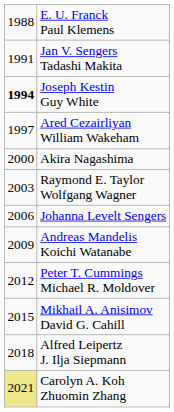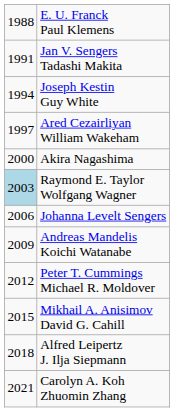 <table class="wikitable">
 <tr>
 <td>1988</td>
 <td><a href='#'>E. U. Franck</a><br>Paul Klemens</td>
 </tr>
 <tr>
 <td>1991</td>
 <td><a href='#'>Jan V. Sengers</a><br>Tadashi Makita</td>
 </tr>
 <tr>
-<td><strong>1994</strong></td>
+<td>1994</td>
 <td><a href='#'>Joseph Kestin</a><br>Guy White</td>
 </tr>
 <tr>
 <td>1997</td>
 <td><a href='#'>Ared Cezairliyan</a><br>William Wakeham</td>
 </tr>
 <tr>
 <td>2000</td>
 <td>Akira Nagashima</td>
 </tr>
 <tr>
-<td>2003</td>
+<td style="background: lightblue;">2003</td>
 <td>Raymond E. Taylor<br>Wolfgang Wagner</td>
 </tr>
 <tr>
 <td>2006</td>
 <td><a href='#'>Johanna Levelt Sengers</a></td>
 </tr>
 <tr>
 <td>2009</td>
 <td><a href='#'>Andreas Mandelis</a><br>Koichi Watanabe</td>
 </tr>
 <tr>
 <td>2012</td>
 <td><a href='#'>Peter T. Cummings</a><br>Michael R. Moldover</td>
 </tr>
 <tr>
 <td>2015</td>
 <td><a href='#'>Mikhail A. Anisimov</a><br>David G. Cahill</td>
 </tr>
 <tr>
 <td>2018</td>
 <td>Alfred Leipertz<br>J. Ilja Siepmann</td>
 </tr>
 <tr>
-<td style="background: khaki;">2021</td>
+<td>2021</td>
 <td>Carolyn A. Koh<br>Zhuomin Zhang</td>
 </tr>
 </table>
